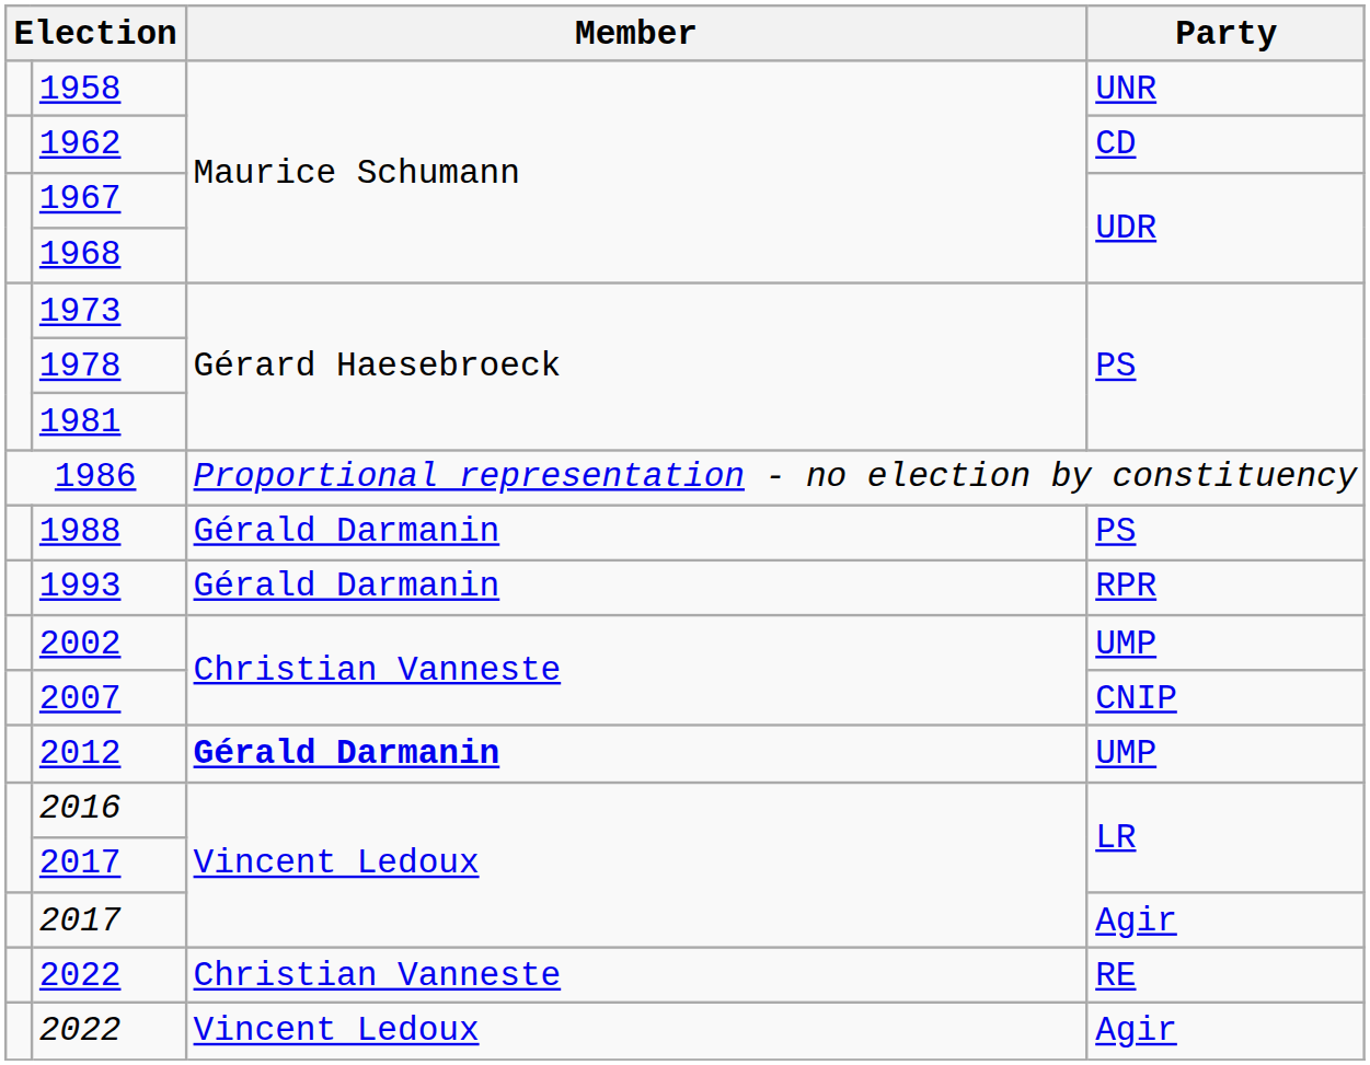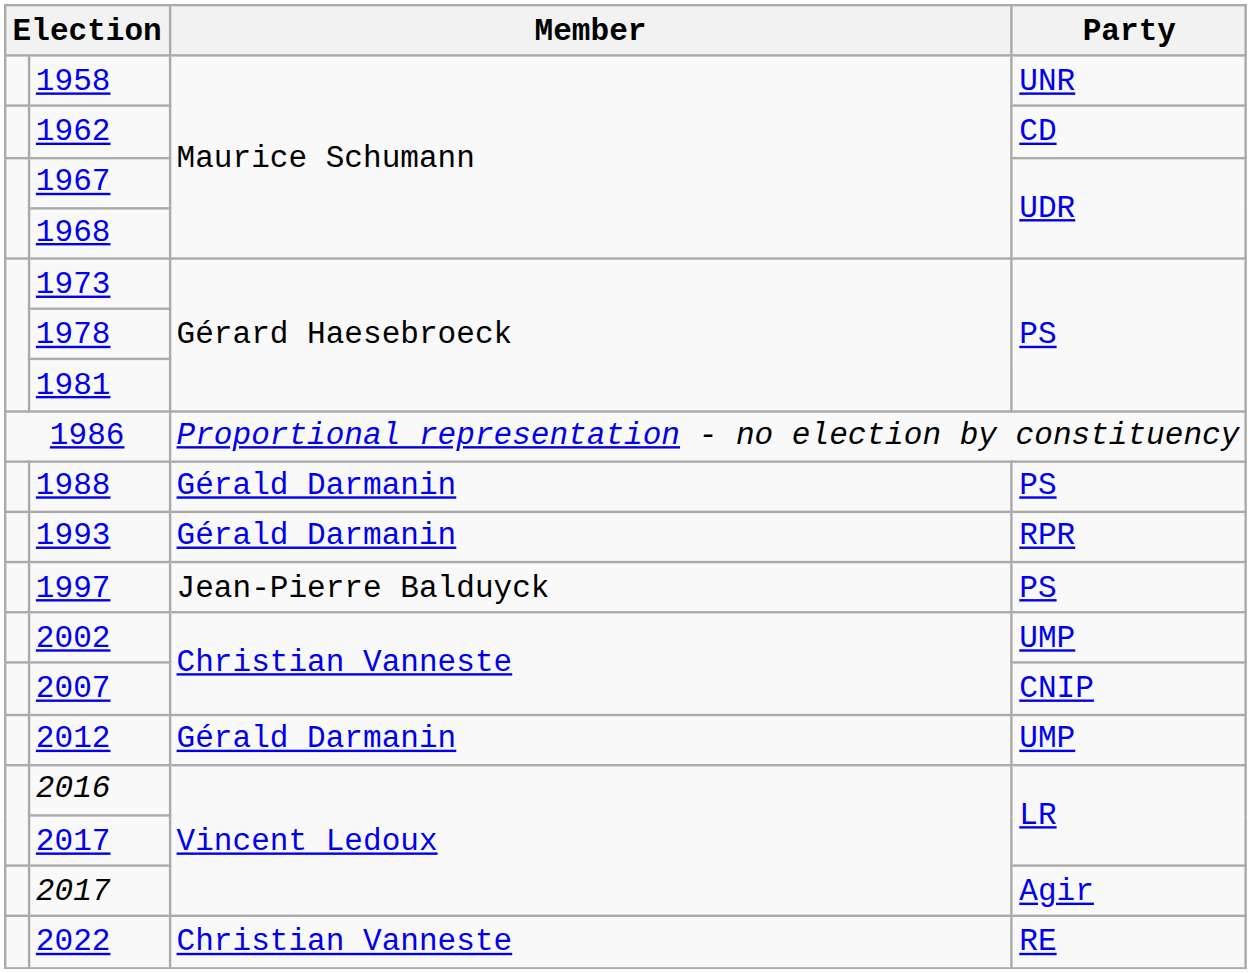 <table class="wikitable">
 <tr>
 <th colspan="2">Election</th>
 <th>Member</th>
 <th>Party</th>
 </tr>
 <tr>
 <td style="color:inherit;background-color: "></td>
 <td><a href='#'>1958</a></td>
 <td rowspan="4">Maurice Schumann</td>
 <td><a href='#'>UNR</a></td>
 </tr>
 <tr>
 <td style="color:inherit;background-color: "></td>
 <td><a href='#'>1962</a></td>
 <td><a href='#'>CD</a></td>
 </tr>
 <tr>
 <td rowspan="2" style="background-color: "></td>
 <td><a href='#'>1967</a></td>
 <td rowspan="2"><a href='#'>UDR</a></td>
 </tr>
 <tr>
 <td><a href='#'>1968</a></td>
 </tr>
 <tr>
 <td rowspan="3" style="background-color: "></td>
 <td><a href='#'>1973</a></td>
 <td rowspan="3">Gérard Haesebroeck</td>
 <td rowspan="3"><a href='#'>PS</a></td>
 </tr>
 <tr>
 <td><a href='#'>1978</a></td>
 </tr>
 <tr>
 <td><a href='#'>1981</a></td>
 </tr>
 <tr>
 <td colspan="2" align="center"><a href='#'>1986</a></td>
 <td colspan="2"><em><a href='#'>Proportional representation</a> - no election by constituency</em></td>
 </tr>
 <tr>
 <td style="color:inherit;background-color: "></td>
 <td><a href='#'>1988</a></td>
 <td><a href='#'>Gérald Darmanin</a></td>
 <td><a href='#'>PS</a></td>
 </tr>
 <tr>
 <td style="color:inherit;background-color: "></td>
 <td><a href='#'>1993</a></td>
 <td><a href='#'>Gérald Darmanin</a></td>
 <td><a href='#'>RPR</a></td>
 </tr>
 <tr>
 <td style="color:inherit;background-color: "></td>
+<td><a href='#'>1997</a></td>
+<td>Jean-Pierre Balduyck</td>
+<td><a href='#'>PS</a></td>
+</tr>
+<tr>
+<td style="color:inherit;background-color: "></td>
 <td><a href='#'>2002</a></td>
 <td rowspan="2"><a href='#'>Christian Vanneste</a></td>
 <td><a href='#'>UMP</a></td>
 </tr>
 <tr>
 <td style="color:inherit;background-color: "></td>
 <td><a href='#'>2007</a></td>
 <td><a href='#'>CNIP</a></td>
 </tr>
 <tr>
 <td style="color:inherit;background-color: "></td>
 <td><a href='#'>2012</a></td>
-<td><strong><a href='#'>Gérald Darmanin</a></strong></td>
+<td><a href='#'>Gérald Darmanin</a></td>
 <td><a href='#'>UMP</a></td>
 </tr>
 <tr>
 <td rowspan="2" style="background-color: "></td>
 <td><em>2016</em></td>
 <td rowspan="3"><a href='#'>Vincent Ledoux</a></td>
 <td rowspan="2"><a href='#'>LR</a></td>
 </tr>
 <tr>
 <td><a href='#'>2017</a></td>
 </tr>
 <tr>
 <td style="color:inherit;background-color: "></td>
 <td><em>2017</em></td>
 <td><a href='#'>Agir</a></td>
 </tr>
 <tr>
 <td style="color:inherit;background-color: "></td>
 <td><a href='#'>2022</a></td>
 <td><a href='#'>Christian Vanneste</a></td>
 <td><a href='#'>RE</a></td>
 </tr>
-<tr>
-<td style="color:inherit;background-color: "></td>
-<td><em>2022</em></td>
-<td><a href='#'>Vincent Ledoux</a></td>
-<td><a href='#'>Agir</a></td>
-</tr>
 </table>
